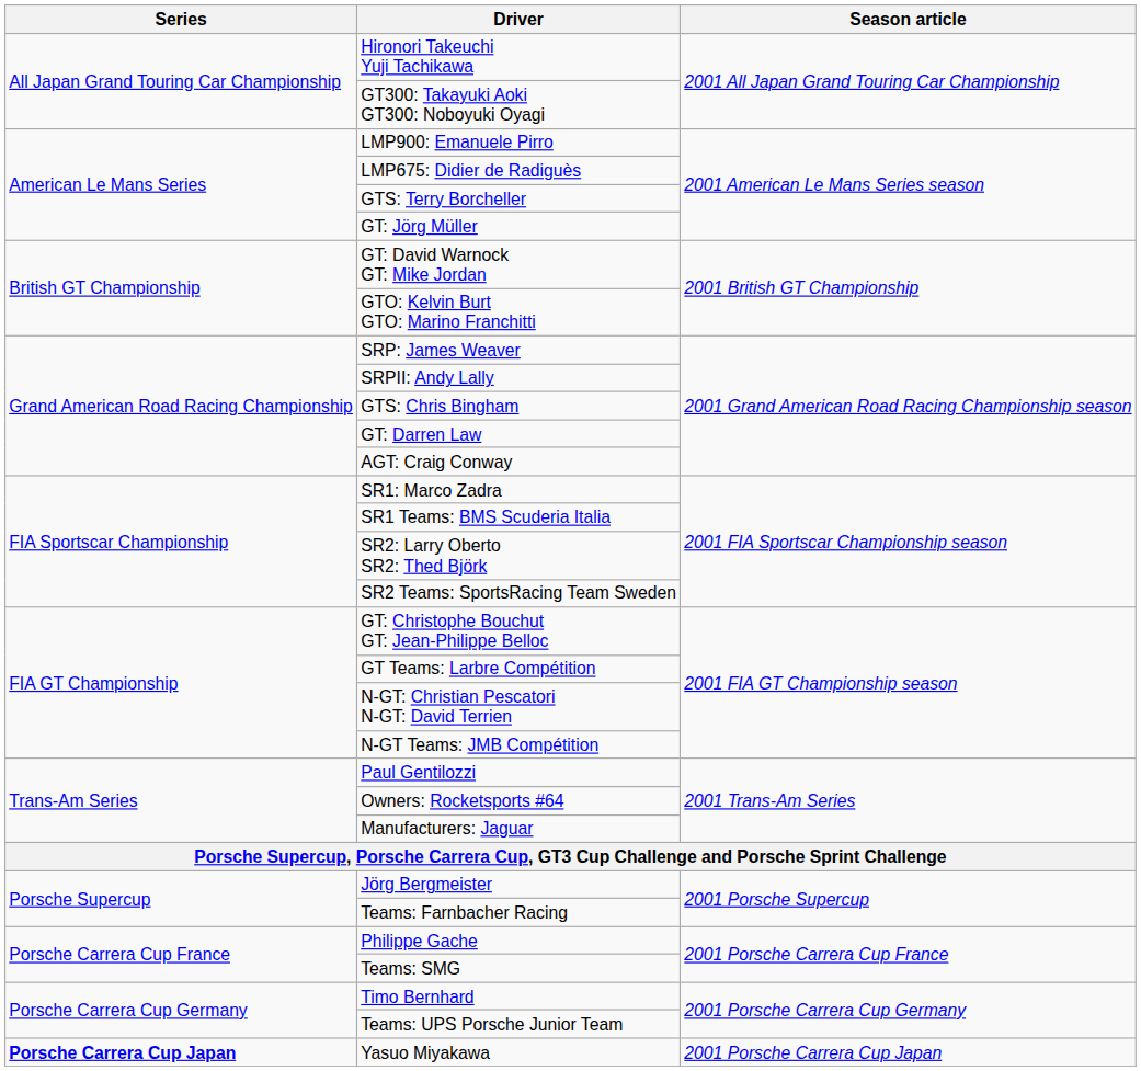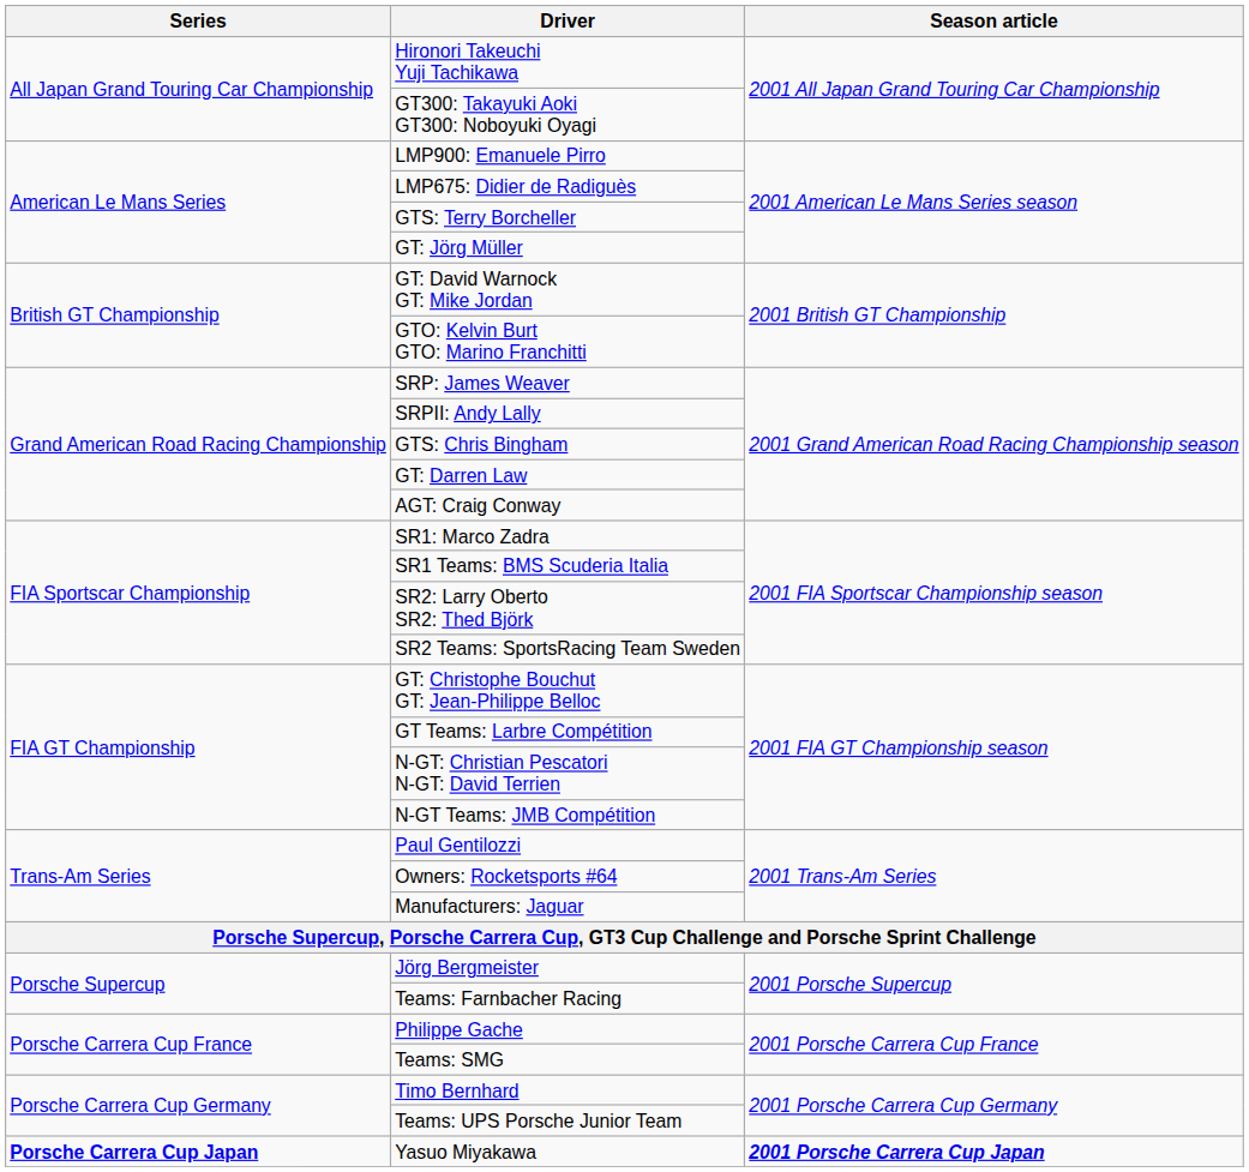 <table class="wikitable" style="font-size:87%;">
 <tr>
 <th>Series</th>
 <th>Driver</th>
 <th>Season article</th>
 </tr>
 <tr>
 <td rowspan="2"><a href='#'>All Japan Grand Touring Car Championship</a></td>
 <td> <a href='#'>Hironori Takeuchi</a><br> <a href='#'>Yuji Tachikawa</a></td>
 <td rowspan="2"><em><a href='#'>2001 All Japan Grand Touring Car Championship</a></em></td>
 </tr>
 <tr>
 <td>GT300:  <a href='#'>Takayuki Aoki</a><br>GT300:  Noboyuki Oyagi</td>
 </tr>
 <tr>
 <td rowspan=4><a href='#'>American Le Mans Series</a></td>
 <td>LMP900:  <a href='#'>Emanuele Pirro</a></td>
 <td rowspan=4><em><a href='#'>2001 American Le Mans Series season</a></em></td>
 </tr>
 <tr>
 <td>LMP675:  <a href='#'>Didier de Radiguès</a></td>
 </tr>
 <tr>
 <td>GTS:  <a href='#'>Terry Borcheller</a></td>
 </tr>
 <tr>
 <td>GT:  <a href='#'>Jörg Müller</a></td>
 </tr>
 <tr>
 <td rowspan=2><a href='#'>British GT Championship</a></td>
 <td>GT:  David Warnock<br>GT:  <a href='#'>Mike Jordan</a></td>
 <td rowspan=2><em><a href='#'>2001 British GT Championship</a></em></td>
 </tr>
 <tr>
 <td>GTO:  <a href='#'>Kelvin Burt</a><br>GTO:  <a href='#'>Marino Franchitti</a></td>
 </tr>
 <tr>
 <td rowspan=5><a href='#'>Grand American Road Racing Championship</a></td>
 <td>SRP:  <a href='#'>James Weaver</a></td>
 <td rowspan=5><em><a href='#'>2001 Grand American Road Racing Championship season</a></em></td>
 </tr>
 <tr>
 <td>SRPII:  <a href='#'>Andy Lally</a></td>
 </tr>
 <tr>
 <td>GTS:  <a href='#'>Chris Bingham</a></td>
 </tr>
 <tr>
 <td>GT:  <a href='#'>Darren Law</a></td>
 </tr>
 <tr>
 <td>AGT:  Craig Conway</td>
 </tr>
 <tr>
 <td rowspan=4><a href='#'>FIA Sportscar Championship</a></td>
 <td>SR1:  Marco Zadra</td>
 <td rowspan=4><em><a href='#'>2001 FIA Sportscar Championship season</a></em></td>
 </tr>
 <tr>
 <td>SR1 Teams:  <a href='#'>BMS Scuderia Italia</a></td>
 </tr>
 <tr>
 <td>SR2:  Larry Oberto<br>SR2:  <a href='#'>Thed Björk</a></td>
 </tr>
 <tr>
 <td>SR2 Teams:  SportsRacing Team Sweden</td>
 </tr>
 <tr>
 <td rowspan=4><a href='#'>FIA GT Championship</a></td>
 <td>GT:  <a href='#'>Christophe Bouchut</a><br>GT:  <a href='#'>Jean-Philippe Belloc</a></td>
 <td rowspan=4><em><a href='#'>2001 FIA GT Championship season</a></em></td>
 </tr>
 <tr>
 <td>GT Teams:  <a href='#'>Larbre Compétition</a></td>
 </tr>
 <tr>
 <td>N-GT:  <a href='#'>Christian Pescatori</a><br>N-GT:  <a href='#'>David Terrien</a></td>
 </tr>
 <tr>
 <td>N-GT Teams:  <a href='#'>JMB Compétition</a></td>
 </tr>
 <tr>
 <td rowspan="3"><a href='#'>Trans-Am Series</a></td>
 <td> <a href='#'>Paul Gentilozzi</a></td>
 <td rowspan="3"><em><a href='#'>2001 Trans-Am Series</a></em></td>
 </tr>
 <tr>
 <td>Owners:  <a href='#'>Rocketsports #64</a></td>
 </tr>
 <tr>
 <td>Manufacturers:  <a href='#'>Jaguar</a></td>
 </tr>
 <tr>
 <th colspan="3"><a href='#'>Porsche Supercup</a>, <a href='#'>Porsche Carrera Cup</a>, GT3 Cup Challenge and Porsche Sprint Challenge</th>
 </tr>
 <tr>
 <td rowspan=2><a href='#'>Porsche Supercup</a></td>
 <td> <a href='#'>Jörg Bergmeister</a></td>
 <td rowspan=2><em><a href='#'>2001 Porsche Supercup</a></em></td>
 </tr>
 <tr>
 <td>Teams:  Farnbacher Racing</td>
 </tr>
 <tr>
 <td rowspan=2><a href='#'>Porsche Carrera Cup France</a></td>
 <td> <a href='#'>Philippe Gache</a></td>
 <td rowspan=2><em><a href='#'>2001 Porsche Carrera Cup France</a></em></td>
 </tr>
 <tr>
 <td>Teams:  SMG</td>
 </tr>
 <tr>
 <td rowspan=2><a href='#'>Porsche Carrera Cup Germany</a></td>
 <td> <a href='#'>Timo Bernhard</a></td>
 <td rowspan=2><em><a href='#'>2001 Porsche Carrera Cup Germany</a></em></td>
 </tr>
 <tr>
 <td>Teams:  UPS Porsche Junior Team</td>
 </tr>
 <tr>
 <td><strong><a href='#'>Porsche Carrera Cup Japan</a></strong></td>
 <td> Yasuo Miyakawa</td>
-<td><em><a href='#'>2001 Porsche Carrera Cup Japan</a></em></td>
+<td><strong><em><a href='#'>2001 Porsche Carrera Cup Japan</a></em></strong></td>
 </tr>
 <tr>
 </tr>
 </table>
